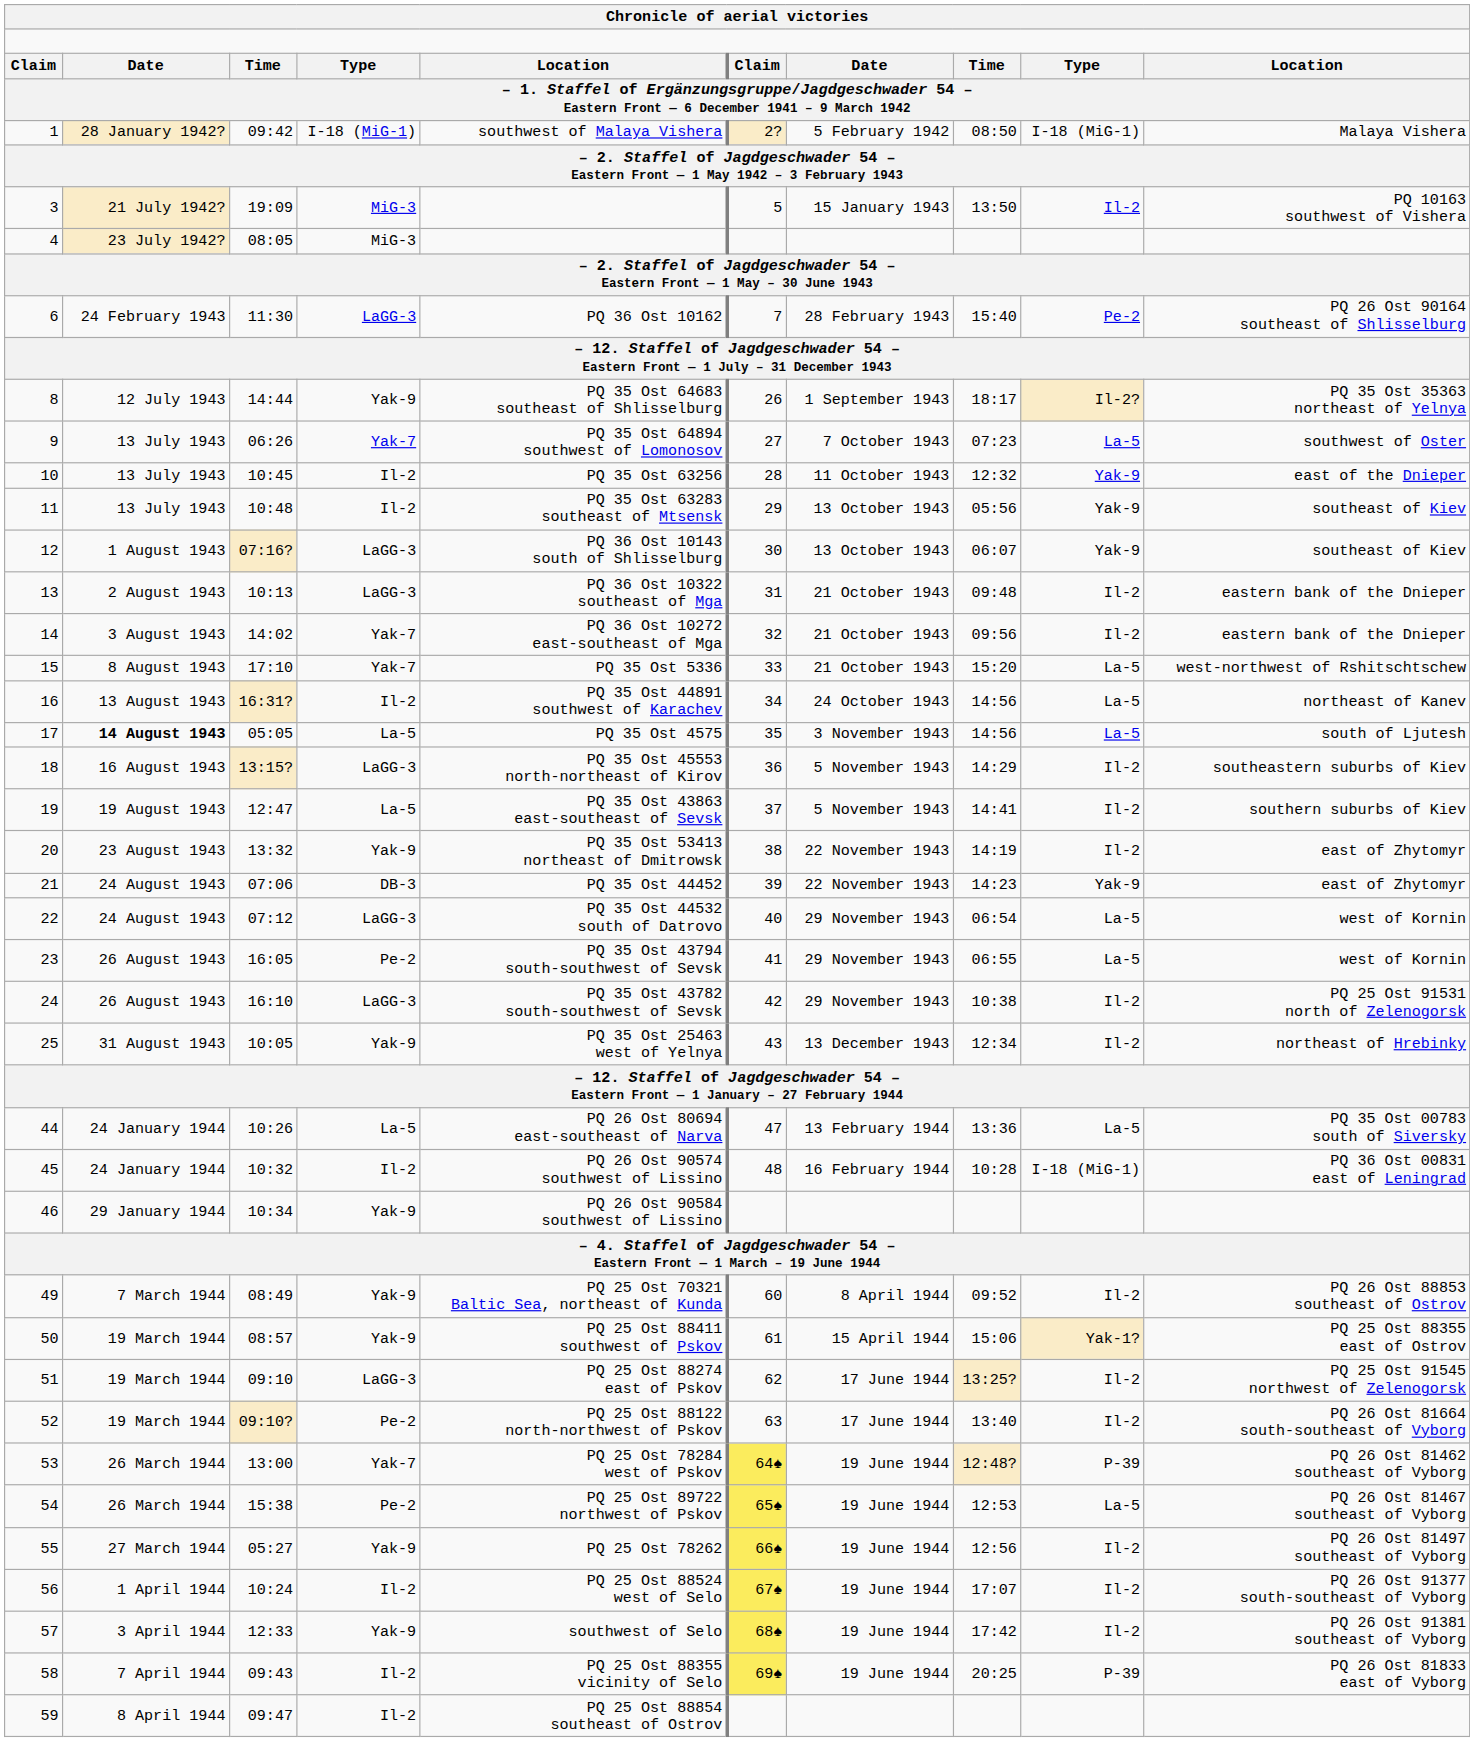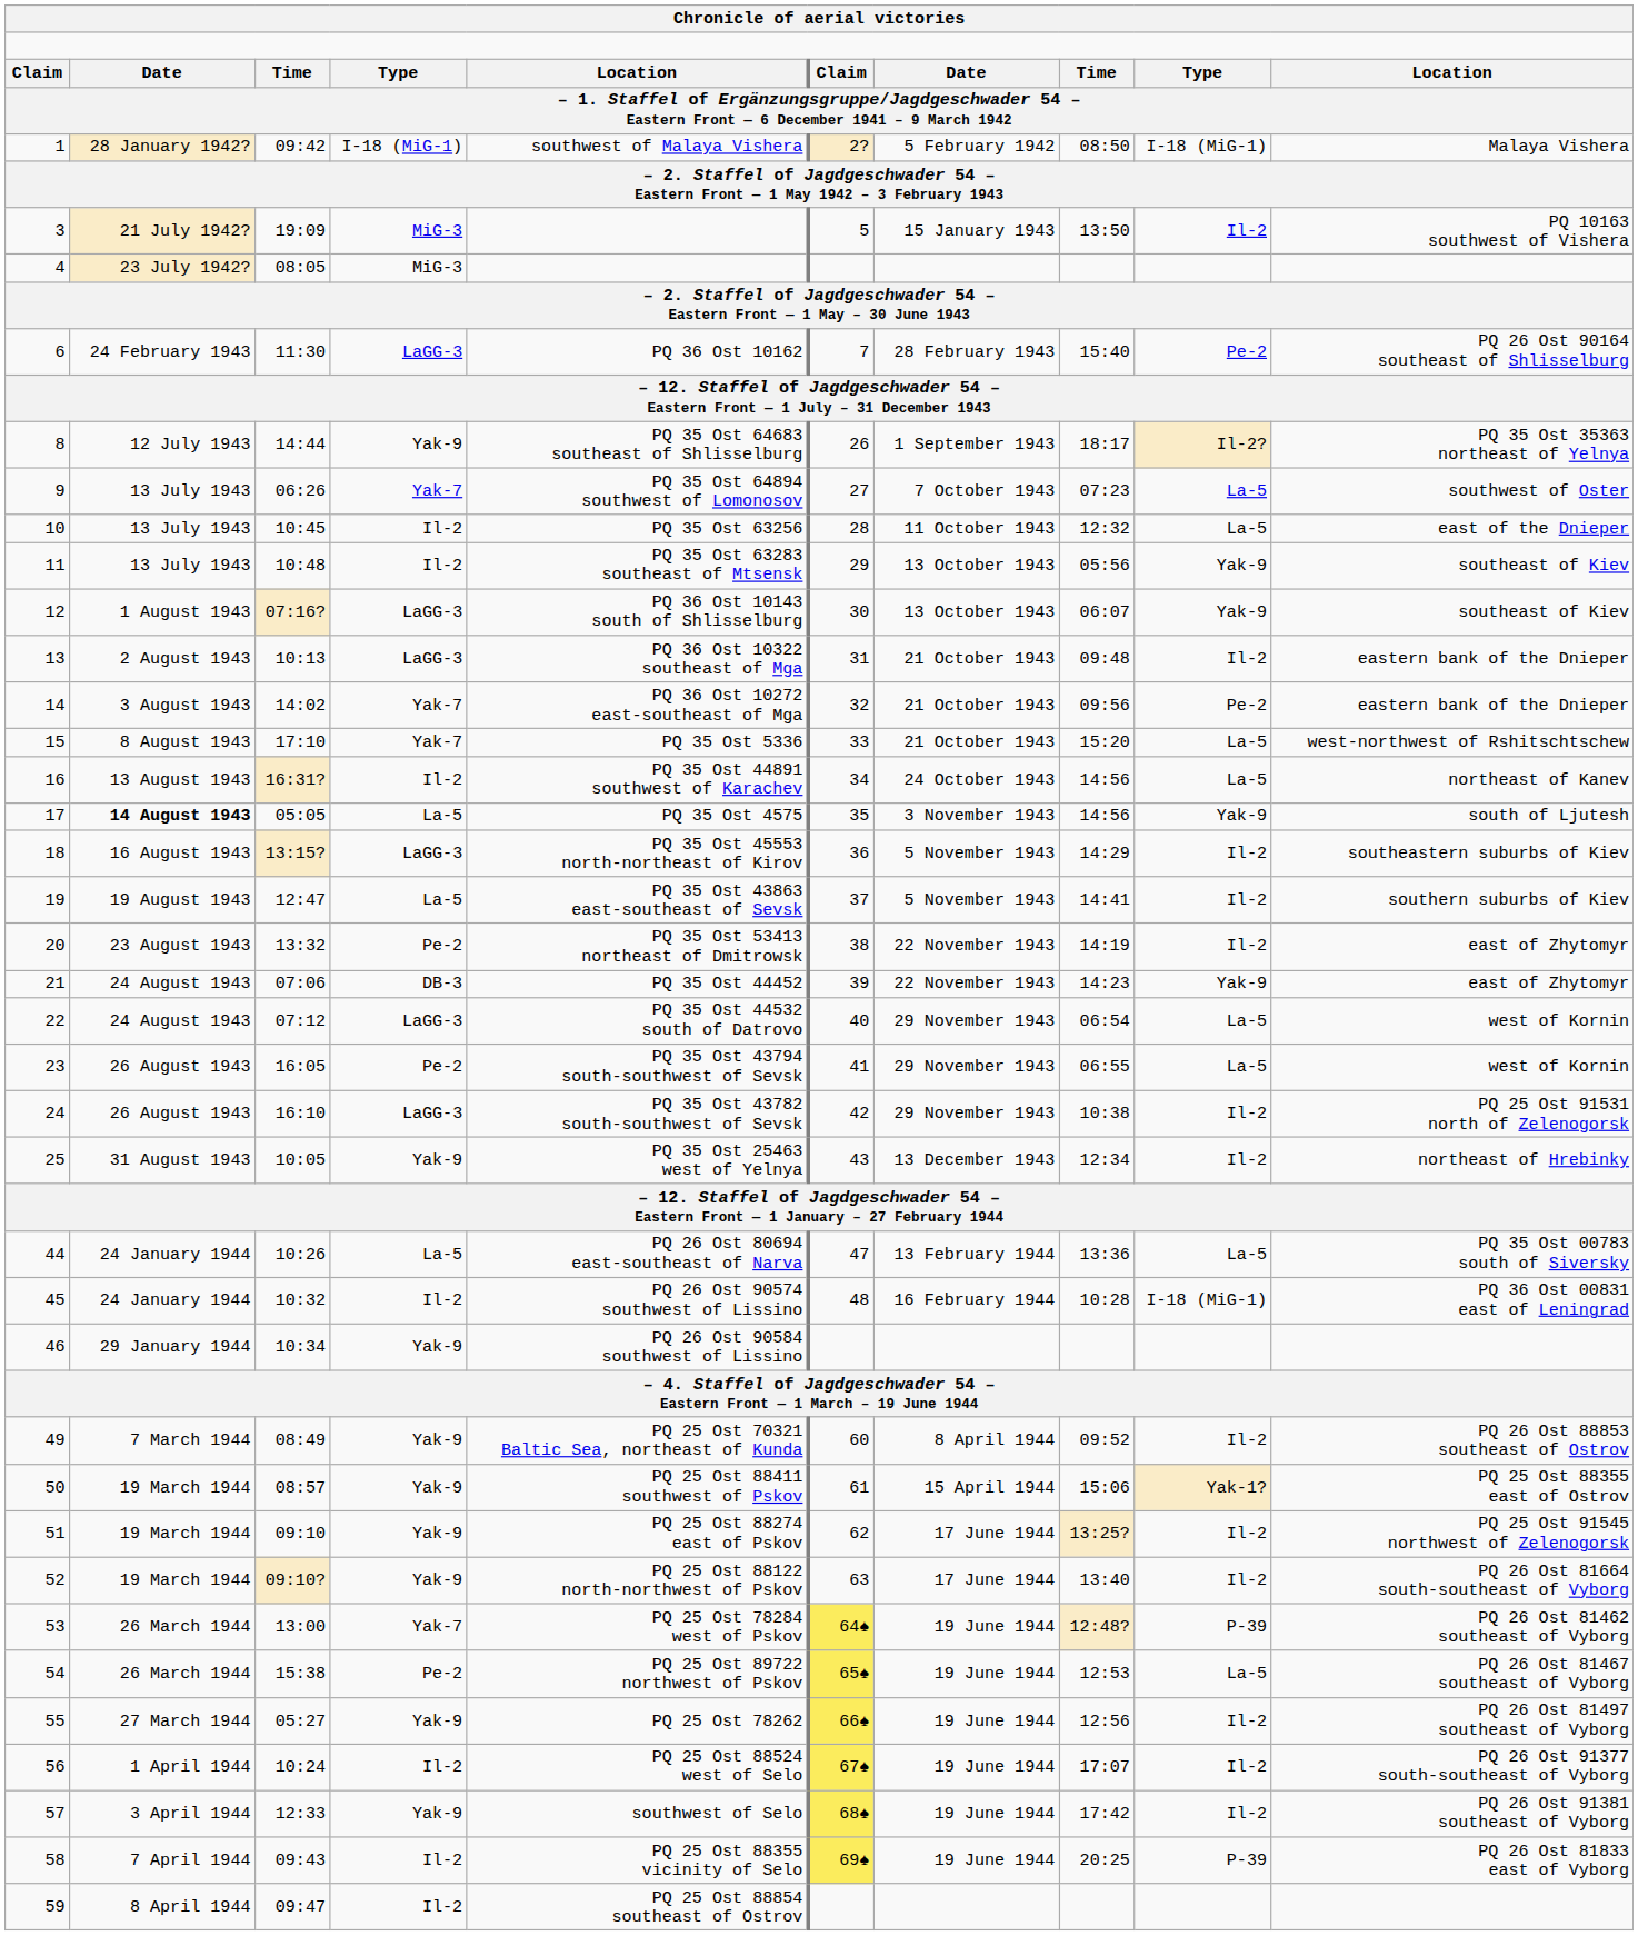 <table class="wikitable plainrowheaders collapsible" style="margin-left: auto; margin-right: auto; border: none; text-align:right; width: 100%;">
 <tr>
 <th colspan="10">Chronicle of aerial victories</th>
 </tr>
 <tr>
 <td colspan="10" style="text-align: left;"><br> </td>
 </tr>
 <tr>
 <th scope="col">Claim</th>
 <th scope="col">Date</th>
 <th scope="col">Time</th>
 <th scope="col" width="100px">Type</th>
 <th scope="col">Location</th>
 <th scope="col" style="border-left: 3px solid grey;">Claim</th>
 <th scope="col">Date</th>
 <th scope="col">Time</th>
 <th scope="col" width="100px">Type</th>
 <th scope="col">Location</th>
 </tr>
 <tr>
 <th colspan="10">– 1. <em>Staffel</em> of <em>Ergänzungsgruppe</em>/<em>Jagdgeschwader</em> 54 –<br><small>Eastern Front — 6 December 1941 – 9 March 1942</small></th>
 </tr>
 <tr>
 <td>1</td>
 <td style="background:#faecc8">28 January 1942?</td>
 <td>09:42</td>
 <td>I-18 (<a href='#'>MiG-1</a>)</td>
 <td>southwest of <a href='#'>Malaya Vishera</a></td>
 <td style="border-left: 3px solid grey; background:#faecc8">2?</td>
 <td>5 February 1942</td>
 <td>08:50</td>
 <td>I-18 (MiG-1)</td>
 <td>Malaya Vishera</td>
 </tr>
 <tr>
 <th colspan="10">– 2. <em>Staffel</em> of <em>Jagdgeschwader</em> 54 –<br><small>Eastern Front — 1 May 1942 – 3 February 1943</small></th>
 </tr>
 <tr>
 <td>3</td>
 <td style="background:#faecc8">21 July 1942?</td>
 <td>19:09</td>
 <td><a href='#'>MiG-3</a></td>
 <td></td>
 <td style="border-left: 3px solid grey;">5</td>
 <td>15 January 1943</td>
 <td>13:50</td>
 <td><a href='#'>Il-2</a></td>
 <td>PQ 10163<br>southwest of Vishera</td>
 </tr>
 <tr>
 <td>4</td>
 <td style="background:#faecc8">23 July 1942?</td>
 <td>08:05</td>
 <td>MiG-3</td>
 <td></td>
 <td style="border-left: 3px solid grey;"></td>
 <td></td>
 <td></td>
 <td></td>
 <td></td>
 </tr>
 <tr>
 <th colspan="10">– 2. <em>Staffel</em> of <em>Jagdgeschwader</em> 54 –<br><small>Eastern Front — 1 May – 30 June 1943</small></th>
 </tr>
 <tr>
 <td>6</td>
 <td>24 February 1943</td>
 <td>11:30</td>
 <td><a href='#'>LaGG-3</a></td>
 <td>PQ 36 Ost 10162</td>
 <td style="border-left: 3px solid grey;">7</td>
 <td>28 February 1943</td>
 <td>15:40</td>
 <td><a href='#'>Pe-2</a></td>
 <td>PQ 26 Ost 90164<br>southeast of <a href='#'>Shlisselburg</a></td>
 </tr>
 <tr>
 <th colspan="10">– 12. <em>Staffel</em> of <em>Jagdgeschwader</em> 54 –<br><small>Eastern Front — 1 July – 31 December 1943</small></th>
 </tr>
 <tr>
 <td>8</td>
 <td>12 July 1943</td>
 <td>14:44</td>
 <td>Yak-9</td>
 <td>PQ 35 Ost 64683<br>southeast of Shlisselburg</td>
 <td style="border-left: 3px solid grey;">26</td>
 <td>1 September 1943</td>
 <td>18:17</td>
 <td style="background:#faecc8">Il-2?</td>
 <td>PQ 35 Ost 35363<br> northeast of <a href='#'>Yelnya</a></td>
 </tr>
 <tr>
 <td>9</td>
 <td>13 July 1943</td>
 <td>06:26</td>
 <td><a href='#'>Yak-7</a></td>
 <td>PQ 35 Ost 64894<br> southwest of <a href='#'>Lomonosov</a></td>
 <td style="border-left: 3px solid grey;">27</td>
 <td>7 October 1943</td>
 <td>07:23</td>
 <td><a href='#'>La-5</a></td>
 <td>southwest of <a href='#'>Oster</a></td>
 </tr>
 <tr>
 <td>10</td>
 <td>13 July 1943</td>
 <td>10:45</td>
 <td>Il-2</td>
 <td>PQ 35 Ost 63256</td>
 <td style="border-left: 3px solid grey;">28</td>
 <td>11 October 1943</td>
 <td>12:32</td>
-<td><a href='#'>Yak-9</a></td>
+<td>La-5</td>
 <td>east of the <a href='#'>Dnieper</a></td>
 </tr>
 <tr>
 <td>11</td>
 <td>13 July 1943</td>
 <td>10:48</td>
 <td>Il-2</td>
 <td>PQ 35 Ost 63283<br> southeast of <a href='#'>Mtsensk</a></td>
 <td style="border-left: 3px solid grey;">29</td>
 <td>13 October 1943</td>
 <td>05:56</td>
 <td>Yak-9</td>
 <td>southeast of <a href='#'>Kiev</a></td>
 </tr>
 <tr>
 <td>12</td>
 <td>1 August 1943</td>
 <td style="background:#faecc8">07:16?</td>
 <td>LaGG-3</td>
 <td>PQ 36 Ost 10143<br>south of Shlisselburg</td>
 <td style="border-left: 3px solid grey;">30</td>
 <td>13 October 1943</td>
 <td>06:07</td>
 <td>Yak-9</td>
 <td>southeast of Kiev</td>
 </tr>
 <tr>
 <td>13</td>
 <td>2 August 1943</td>
 <td>10:13</td>
 <td>LaGG-3</td>
 <td>PQ 36 Ost 10322<br> southeast of <a href='#'>Mga</a></td>
 <td style="border-left: 3px solid grey;">31</td>
 <td>21 October 1943</td>
 <td>09:48</td>
 <td>Il-2</td>
 <td>eastern bank of the Dnieper</td>
 </tr>
 <tr>
 <td>14</td>
 <td>3 August 1943</td>
 <td>14:02</td>
 <td>Yak-7</td>
 <td>PQ 36 Ost 10272<br> east-southeast of Mga</td>
 <td style="border-left: 3px solid grey;">32</td>
 <td>21 October 1943</td>
 <td>09:56</td>
-<td>Il-2</td>
+<td>Pe-2</td>
 <td>eastern bank of the Dnieper</td>
 </tr>
 <tr>
 <td>15</td>
 <td>8 August 1943</td>
 <td>17:10</td>
 <td>Yak-7</td>
 <td>PQ 35 Ost 5336</td>
 <td style="border-left: 3px solid grey;">33</td>
 <td>21 October 1943</td>
 <td>15:20</td>
 <td>La-5</td>
 <td>west-northwest of Rshitschtschew</td>
 </tr>
 <tr>
 <td>16</td>
 <td>13 August 1943</td>
 <td style="background:#faecc8">16:31?</td>
 <td>Il-2</td>
 <td>PQ 35 Ost 44891<br> southwest of <a href='#'>Karachev</a></td>
 <td style="border-left: 3px solid grey;">34</td>
 <td>24 October 1943</td>
 <td>14:56</td>
 <td>La-5</td>
 <td>northeast of Kanev</td>
 </tr>
 <tr>
 <td>17</td>
 <td><strong>14 August 1943</strong></td>
 <td>05:05</td>
 <td>La-5</td>
 <td>PQ 35 Ost 4575</td>
 <td style="border-left: 3px solid grey;">35</td>
 <td>3 November 1943</td>
 <td>14:56</td>
-<td><a href='#'>La-5</a></td>
+<td>Yak-9</td>
 <td>south of Ljutesh</td>
 </tr>
 <tr>
 <td>18</td>
 <td>16 August 1943</td>
 <td style="background:#faecc8">13:15?</td>
 <td>LaGG-3</td>
 <td>PQ 35 Ost 45553<br> north-northeast of Kirov</td>
 <td style="border-left: 3px solid grey;">36</td>
 <td>5 November 1943</td>
 <td>14:29</td>
 <td>Il-2</td>
 <td>southeastern suburbs of Kiev</td>
 </tr>
 <tr>
 <td>19</td>
 <td>19 August 1943</td>
 <td>12:47</td>
 <td>La-5</td>
 <td>PQ 35 Ost 43863<br> east-southeast of <a href='#'>Sevsk</a></td>
 <td style="border-left: 3px solid grey;">37</td>
 <td>5 November 1943</td>
 <td>14:41</td>
 <td>Il-2</td>
 <td>southern suburbs of Kiev</td>
 </tr>
 <tr>
 <td>20</td>
 <td>23 August 1943</td>
 <td>13:32</td>
-<td>Yak-9</td>
+<td>Pe-2</td>
 <td>PQ 35 Ost 53413<br> northeast of Dmitrowsk</td>
 <td style="border-left: 3px solid grey;">38</td>
 <td>22 November 1943</td>
 <td>14:19</td>
 <td>Il-2</td>
 <td>east of Zhytomyr</td>
 </tr>
 <tr>
 <td>21</td>
 <td>24 August 1943</td>
 <td>07:06</td>
 <td>DB-3</td>
 <td>PQ 35 Ost 44452</td>
 <td style="border-left: 3px solid grey;">39</td>
 <td>22 November 1943</td>
 <td>14:23</td>
 <td>Yak-9</td>
 <td>east of Zhytomyr</td>
 </tr>
 <tr>
 <td>22</td>
 <td>24 August 1943</td>
 <td>07:12</td>
 <td>LaGG-3</td>
 <td>PQ 35 Ost 44532<br> south of Datrovo</td>
 <td style="border-left: 3px solid grey;">40</td>
 <td>29 November 1943</td>
 <td>06:54</td>
 <td>La-5</td>
 <td>west of Kornin</td>
 </tr>
 <tr>
 <td>23</td>
 <td>26 August 1943</td>
 <td>16:05</td>
 <td>Pe-2</td>
 <td>PQ 35 Ost 43794<br> south-southwest of Sevsk</td>
 <td style="border-left: 3px solid grey;">41</td>
 <td>29 November 1943</td>
 <td>06:55</td>
 <td>La-5</td>
 <td>west of Kornin</td>
 </tr>
 <tr>
 <td>24</td>
 <td>26 August 1943</td>
 <td>16:10</td>
 <td>LaGG-3</td>
 <td>PQ 35 Ost 43782<br> south-southwest of Sevsk</td>
 <td style="border-left: 3px solid grey;">42</td>
 <td>29 November 1943</td>
 <td>10:38</td>
 <td>Il-2</td>
 <td>PQ 25 Ost 91531<br> north of <a href='#'>Zelenogorsk</a></td>
 </tr>
 <tr>
 <td>25</td>
 <td>31 August 1943</td>
 <td>10:05</td>
 <td>Yak-9</td>
 <td>PQ 35 Ost 25463<br> west of Yelnya</td>
 <td style="border-left: 3px solid grey;">43</td>
 <td>13 December 1943</td>
 <td>12:34</td>
 <td>Il-2</td>
 <td>northeast of <a href='#'>Hrebinky</a></td>
 </tr>
 <tr>
 <th colspan="10">– 12. <em>Staffel</em> of <em>Jagdgeschwader</em> 54 –<br><small>Eastern Front — 1 January – 27 February 1944</small></th>
 </tr>
 <tr>
 <td>44</td>
 <td>24 January 1944</td>
 <td>10:26</td>
 <td>La-5</td>
 <td>PQ 26 Ost 80694<br> east-southeast of <a href='#'>Narva</a></td>
 <td style="border-left: 3px solid grey;">47</td>
 <td>13 February 1944</td>
 <td>13:36</td>
 <td>La-5</td>
 <td>PQ 35 Ost 00783<br> south of <a href='#'>Siversky</a></td>
 </tr>
 <tr>
 <td>45</td>
 <td>24 January 1944</td>
 <td>10:32</td>
 <td>Il-2</td>
 <td>PQ 26 Ost 90574<br> southwest of Lissino</td>
 <td style="border-left: 3px solid grey;">48</td>
 <td>16 February 1944</td>
 <td>10:28</td>
 <td>I-18 (MiG-1)</td>
 <td>PQ 36 Ost 00831<br> east of <a href='#'>Leningrad</a></td>
 </tr>
 <tr>
 <td>46</td>
 <td>29 January 1944</td>
 <td>10:34</td>
 <td>Yak-9</td>
 <td>PQ 26 Ost 90584<br> southwest of Lissino</td>
 <td style="border-left: 3px solid grey;"></td>
 <td></td>
 <td></td>
 <td></td>
 <td></td>
 </tr>
 <tr>
 <th colspan="10">– 4. <em>Staffel</em> of <em>Jagdgeschwader</em> 54 –<br><small>Eastern Front — 1 March – 19 June 1944</small></th>
 </tr>
 <tr>
 <td>49</td>
 <td>7 March 1944</td>
 <td>08:49</td>
 <td>Yak-9</td>
 <td>PQ 25 Ost 70321<br><a href='#'>Baltic Sea</a>,  northeast of <a href='#'>Kunda</a></td>
 <td style="border-left: 3px solid grey;">60</td>
 <td>8 April 1944</td>
 <td>09:52</td>
 <td>Il-2</td>
 <td>PQ 26 Ost 88853<br> southeast of <a href='#'>Ostrov</a></td>
 </tr>
 <tr>
 <td>50</td>
 <td>19 March 1944</td>
 <td>08:57</td>
 <td>Yak-9</td>
 <td>PQ 25 Ost 88411<br> southwest of <a href='#'>Pskov</a></td>
 <td style="border-left: 3px solid grey;">61</td>
 <td>15 April 1944</td>
 <td>15:06</td>
 <td style="background:#faecc8">Yak-1?</td>
 <td>PQ 25 Ost 88355<br>east of Ostrov</td>
 </tr>
 <tr>
 <td>51</td>
 <td>19 March 1944</td>
 <td>09:10</td>
-<td>LaGG-3</td>
+<td>Yak-9</td>
 <td>PQ 25 Ost 88274<br> east of Pskov</td>
 <td style="border-left: 3px solid grey;">62</td>
 <td>17 June 1944</td>
 <td style="background:#faecc8">13:25?</td>
 <td>Il-2</td>
 <td>PQ 25 Ost 91545<br> northwest of <a href='#'>Zelenogorsk</a></td>
 </tr>
 <tr>
 <td>52</td>
 <td>19 March 1944</td>
 <td style="background:#faecc8">09:10?</td>
-<td>Pe-2</td>
+<td>Yak-9</td>
 <td>PQ 25 Ost 88122<br> north-northwest of Pskov</td>
 <td style="border-left: 3px solid grey;">63</td>
 <td>17 June 1944</td>
 <td>13:40</td>
 <td>Il-2</td>
 <td>PQ 26 Ost 81664<br> south-southeast of <a href='#'>Vyborg</a></td>
 </tr>
 <tr>
 <td>53</td>
 <td>26 March 1944</td>
 <td>13:00</td>
 <td>Yak-7</td>
 <td>PQ 25 Ost 78284<br> west of Pskov</td>
 <td style="border-left: 3px solid grey; background:#fbec5d;">64♠</td>
 <td>19 June 1944</td>
 <td style="background:#faecc8">12:48?</td>
 <td>P-39</td>
 <td>PQ 26 Ost 81462<br> southeast of Vyborg</td>
 </tr>
 <tr>
 <td>54</td>
 <td>26 March 1944</td>
 <td>15:38</td>
 <td>Pe-2</td>
 <td>PQ 25 Ost 89722<br> northwest of Pskov</td>
 <td style="border-left: 3px solid grey; background:#fbec5d;">65♠</td>
 <td>19 June 1944</td>
 <td>12:53</td>
 <td>La-5</td>
 <td>PQ 26 Ost 81467<br> southeast of Vyborg</td>
 </tr>
 <tr>
 <td>55</td>
 <td>27 March 1944</td>
 <td>05:27</td>
 <td>Yak-9</td>
 <td>PQ 25 Ost 78262</td>
 <td style="border-left: 3px solid grey; background:#fbec5d;">66♠</td>
 <td>19 June 1944</td>
 <td>12:56</td>
 <td>Il-2</td>
 <td>PQ 26 Ost 81497<br> southeast of Vyborg</td>
 </tr>
 <tr>
 <td>56</td>
 <td>1 April 1944</td>
 <td>10:24</td>
 <td>Il-2</td>
 <td>PQ 25 Ost 88524<br> west of Selo</td>
 <td style="border-left: 3px solid grey; background:#fbec5d;">67♠</td>
 <td>19 June 1944</td>
 <td>17:07</td>
 <td>Il-2</td>
 <td>PQ 26 Ost 91377<br> south-southeast of Vyborg</td>
 </tr>
 <tr>
 <td>57</td>
 <td>3 April 1944</td>
 <td>12:33</td>
 <td>Yak-9</td>
 <td> southwest of Selo</td>
 <td style="border-left: 3px solid grey; background:#fbec5d;">68♠</td>
 <td>19 June 1944</td>
 <td>17:42</td>
 <td>Il-2</td>
 <td>PQ 26 Ost 91381<br> southeast of Vyborg</td>
 </tr>
 <tr>
 <td>58</td>
 <td>7 April 1944</td>
 <td>09:43</td>
 <td>Il-2</td>
 <td>PQ 25 Ost 88355<br>vicinity of Selo</td>
 <td style="border-left: 3px solid grey; background:#fbec5d;">69♠</td>
 <td>19 June 1944</td>
 <td>20:25</td>
 <td>P-39</td>
 <td>PQ 26 Ost 81833<br> east of Vyborg</td>
 </tr>
 <tr>
 <td>59</td>
 <td>8 April 1944</td>
 <td>09:47</td>
 <td>Il-2</td>
 <td>PQ 25 Ost 88854<br> southeast of Ostrov</td>
 <td style="border-left: 3px solid grey;"></td>
 <td></td>
 <td></td>
 <td></td>
 <td></td>
 </tr>
 </table>
